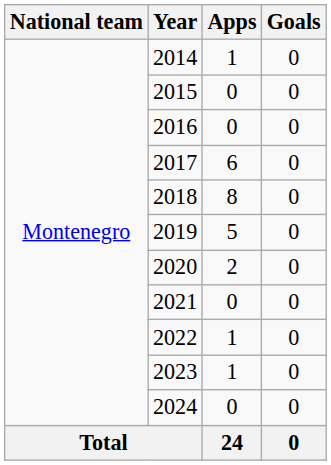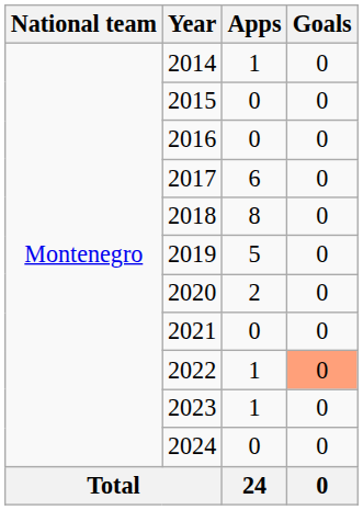 <table class="wikitable" style="text-align:center">
 <tr>
 <th>National team</th>
 <th>Year</th>
 <th>Apps</th>
 <th>Goals</th>
 </tr>
 <tr>
 <td rowspan="11"><a href='#'>Montenegro</a></td>
 <td>2014</td>
 <td>1</td>
 <td>0</td>
 </tr>
 <tr>
 <td>2015</td>
 <td>0</td>
 <td>0</td>
 </tr>
 <tr>
 <td>2016</td>
 <td>0</td>
 <td>0</td>
 </tr>
 <tr>
 <td>2017</td>
 <td>6</td>
 <td>0</td>
 </tr>
 <tr>
 <td>2018</td>
 <td>8</td>
 <td>0</td>
 </tr>
 <tr>
 <td>2019</td>
 <td>5</td>
 <td>0</td>
 </tr>
 <tr>
 <td>2020</td>
 <td>2</td>
 <td>0</td>
 </tr>
 <tr>
 <td>2021</td>
 <td>0</td>
 <td>0</td>
 </tr>
 <tr>
 <td>2022</td>
 <td>1</td>
-<td>0</td>
+<td style="background: lightsalmon;">0</td>
 </tr>
 <tr>
 <td>2023</td>
 <td>1</td>
 <td>0</td>
 </tr>
 <tr>
 <td>2024</td>
 <td>0</td>
 <td>0</td>
 </tr>
 <tr>
 <th colspan="2">Total</th>
 <th>24</th>
 <th>0</th>
 </tr>
 </table>
